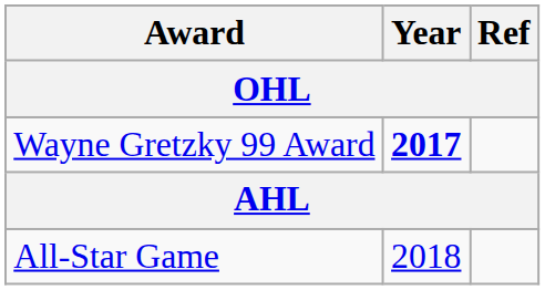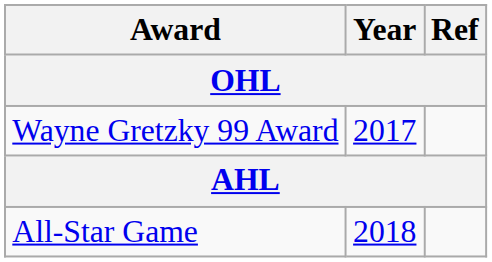 <table class="wikitable">
 <tr>
 <th>Award</th>
 <th>Year</th>
 <th>Ref</th>
 </tr>
 <tr>
 <th colspan="3"><a href='#'>OHL</a></th>
 </tr>
 <tr>
 <td><a href='#'>Wayne Gretzky 99 Award</a></td>
-<td><strong><a href='#'>2017</a></strong></td>
+<td><a href='#'>2017</a></td>
 <td></td>
 </tr>
 <tr>
 <th colspan="3"><a href='#'>AHL</a></th>
 </tr>
 <tr>
 <td><a href='#'>All-Star Game</a></td>
 <td><a href='#'>2018</a></td>
 <td></td>
 </tr>
 </table>
